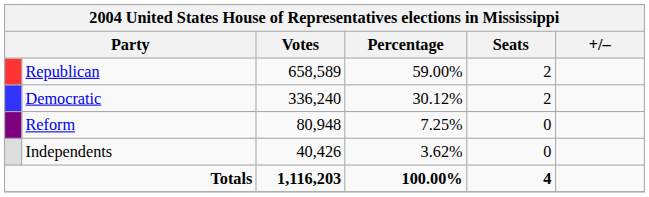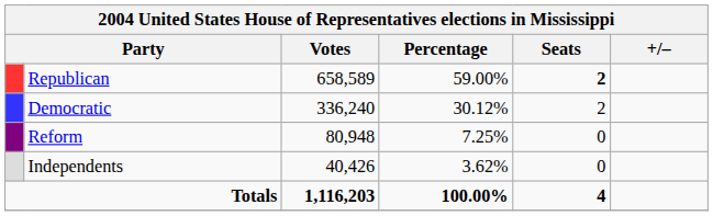 <table class="wikitable" style="font-size: 95%;">
 <tr>
 <th colspan="6">2004 United States House of Representatives elections in Mississippi</th>
 </tr>
 <tr>
 <th colspan=2 style="width: 15em">Party</th>
 <th style="width: 5em">Votes</th>
 <th style="width: 7em">Percentage</th>
 <th style="width: 5em">Seats</th>
 <th style="width: 5em">+/–</th>
 </tr>
 <tr>
 <th style="background-color:#FF3333; width: 3px"></th>
 <td style="width: 130px"><a href='#'>Republican</a></td>
 <td align="right">658,589</td>
 <td align="right">59.00%</td>
-<td align="right">2</td>
+<td align="right"><strong>2</strong></td>
 <td align="right"></td>
 </tr>
 <tr>
 <th style="background-color:#3333FF; width: 3px"></th>
 <td style="width: 130px"><a href='#'>Democratic</a></td>
 <td align="right">336,240</td>
 <td align="right">30.12%</td>
 <td align="right">2</td>
 <td align="right"></td>
 </tr>
 <tr>
 <th style="background-color:#800080; width: 3px"></th>
 <td style="width: 130px"><a href='#'>Reform</a></td>
 <td align="right">80,948</td>
 <td align="right">7.25%</td>
 <td align="right">0</td>
 <td align="right"></td>
 </tr>
 <tr>
 <th style="background-color:#DDDDDD; width: 3px"></th>
 <td style="width: 130px">Independents</td>
 <td align="right">40,426</td>
 <td align="right">3.62%</td>
 <td align="right">0</td>
 <td align="right"></td>
 </tr>
 <tr>
 <td colspan="2" align="right"><strong>Totals</strong></td>
 <td align="right"><strong>1,116,203</strong></td>
 <td align="right"><strong>100.00%</strong></td>
 <td align="right"><strong>4</strong></td>
 <td align="right"><strong></strong></td>
 </tr>
 <tr bgcolor="#EEEEEE">
 </tr>
 </table>
